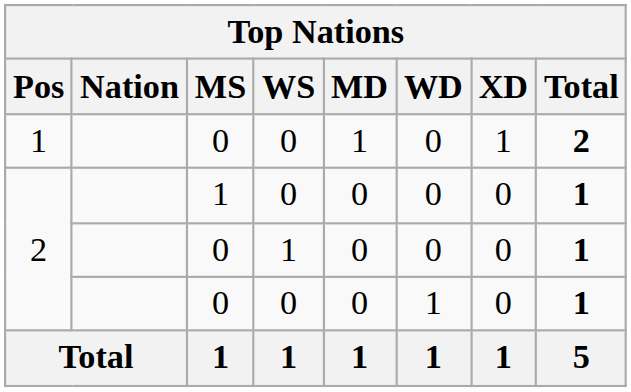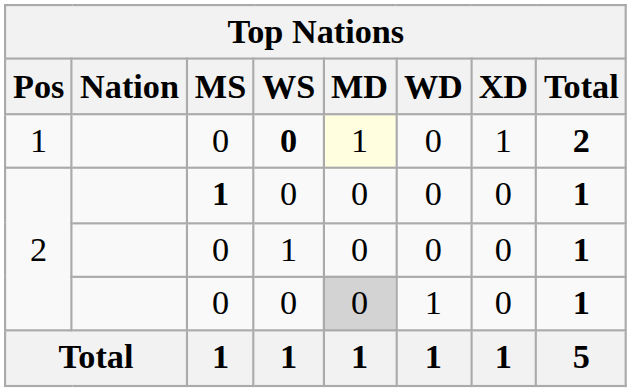 <table class="wikitable" style="text-align:center">
 <tr>
 <th colspan="10">Top Nations</th>
 </tr>
 <tr>
 <th>Pos</th>
 <th>Nation</th>
 <th>MS</th>
 <th>WS</th>
 <th>MD</th>
 <th>WD</th>
 <th>XD</th>
 <th>Total</th>
 </tr>
 <tr>
 <td>1</td>
 <td align="left"></td>
 <td>0</td>
-<td>0</td>
-<td>1</td>
+<td><strong>0</strong></td>
+<td style="background: lightyellow;">1</td>
 <td>0</td>
 <td>1</td>
 <td><strong>2</strong></td>
 </tr>
 <tr>
 <td rowspan=3>2</td>
 <td align="left"></td>
-<td>1</td>
+<td><strong>1</strong></td>
 <td>0</td>
 <td>0</td>
 <td>0</td>
 <td>0</td>
 <td><strong>1</strong></td>
 </tr>
 <tr>
 <td align="left"></td>
 <td>0</td>
 <td>1</td>
 <td>0</td>
 <td>0</td>
 <td>0</td>
 <td><strong>1</strong></td>
 </tr>
 <tr>
 <td align="left"><strong></strong></td>
 <td>0</td>
 <td>0</td>
-<td>0</td>
+<td style="background: lightgrey;">0</td>
 <td>1</td>
 <td>0</td>
 <td><strong>1</strong></td>
 </tr>
 <tr>
 <th colspan="2">Total</th>
 <th>1</th>
 <th>1</th>
 <th>1</th>
 <th>1</th>
 <th>1</th>
 <th>5</th>
 </tr>
 </table>
